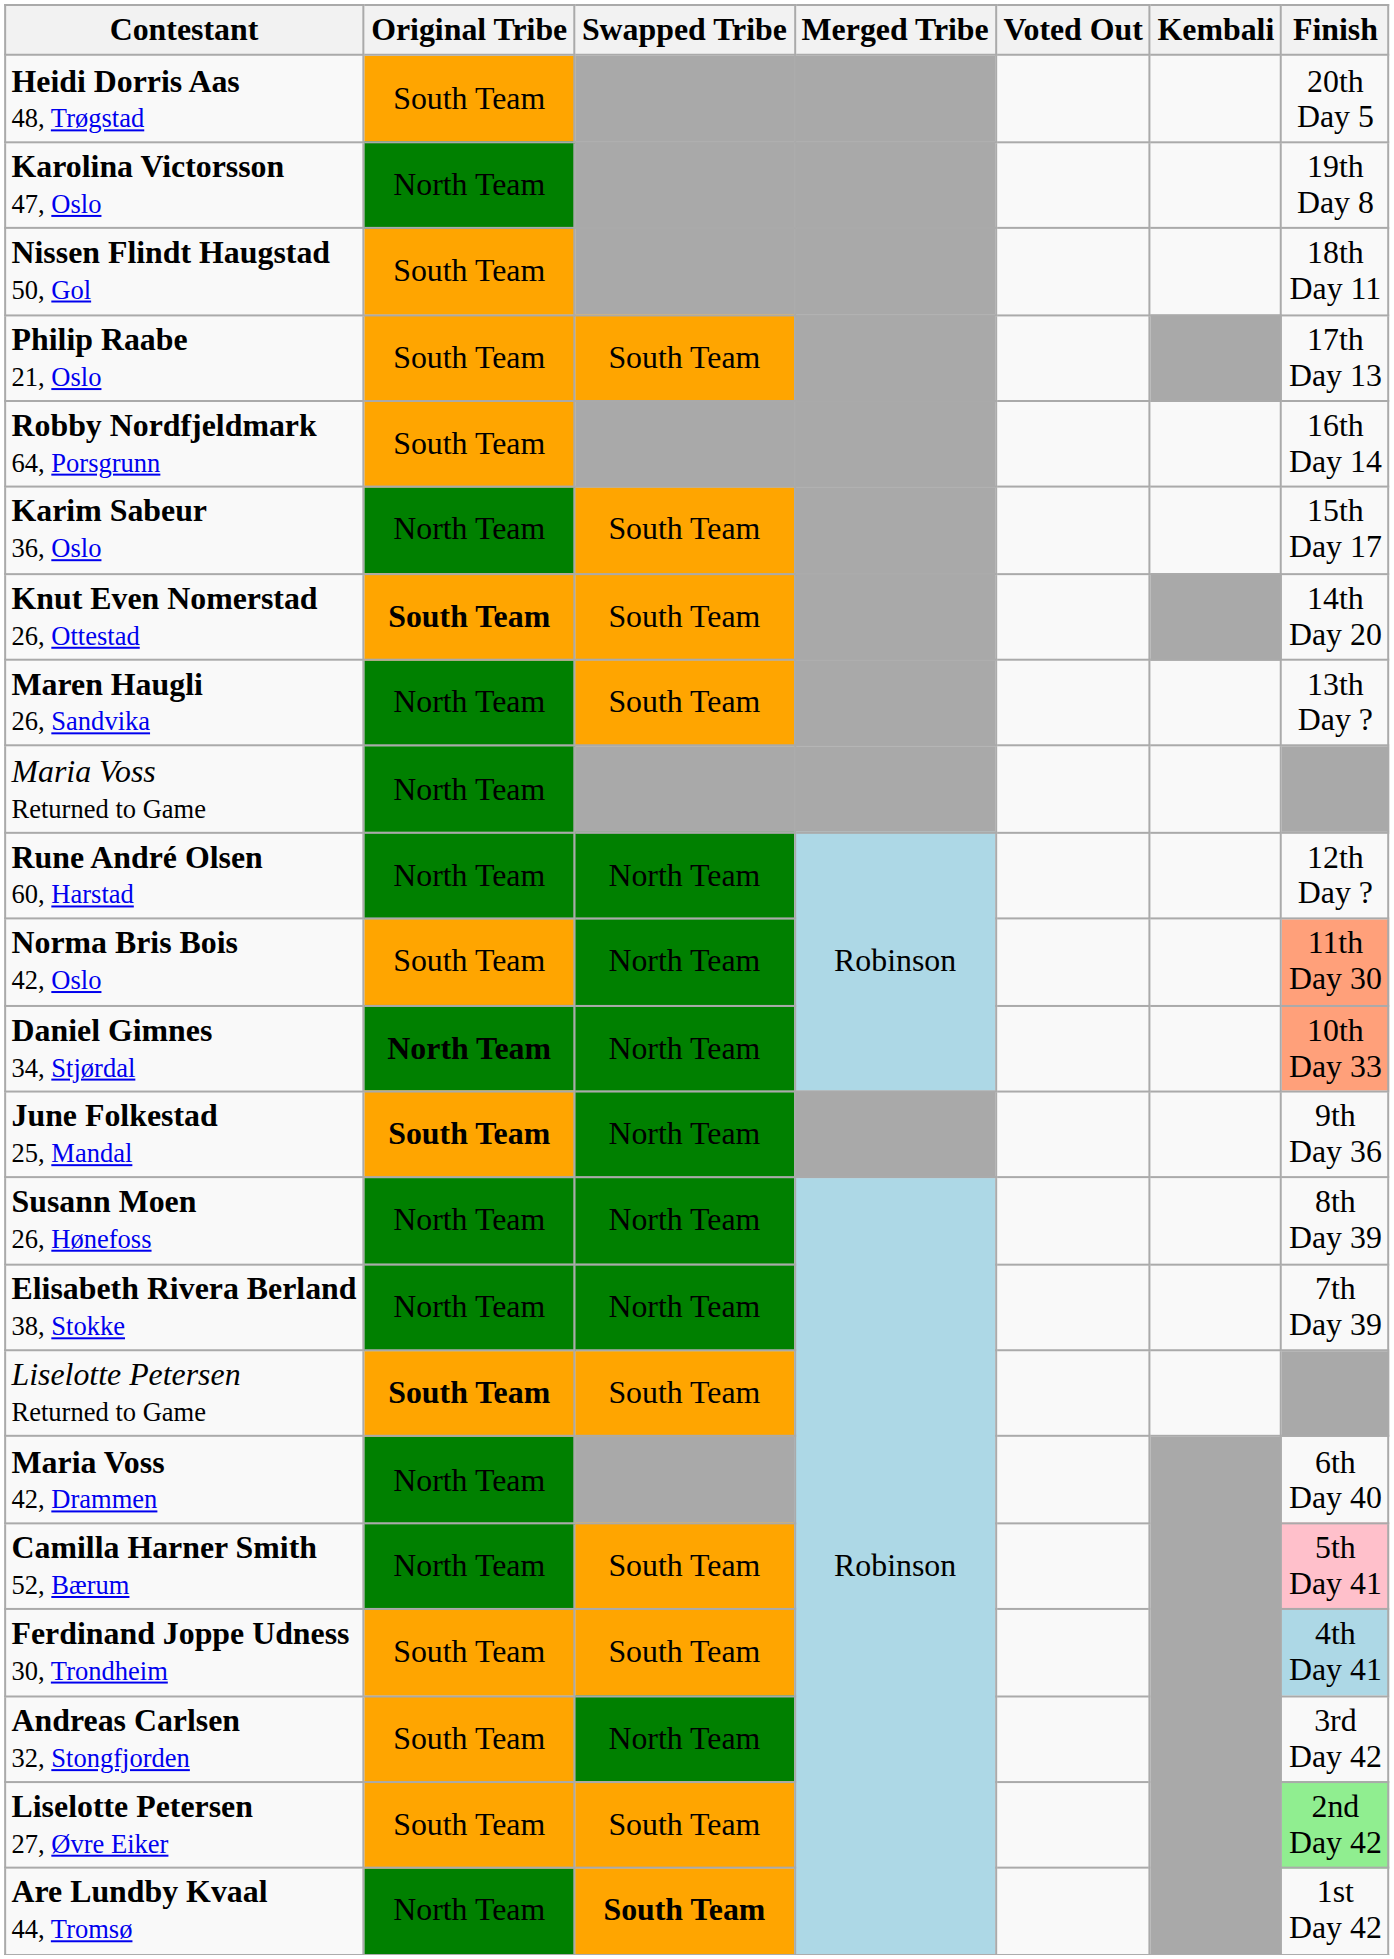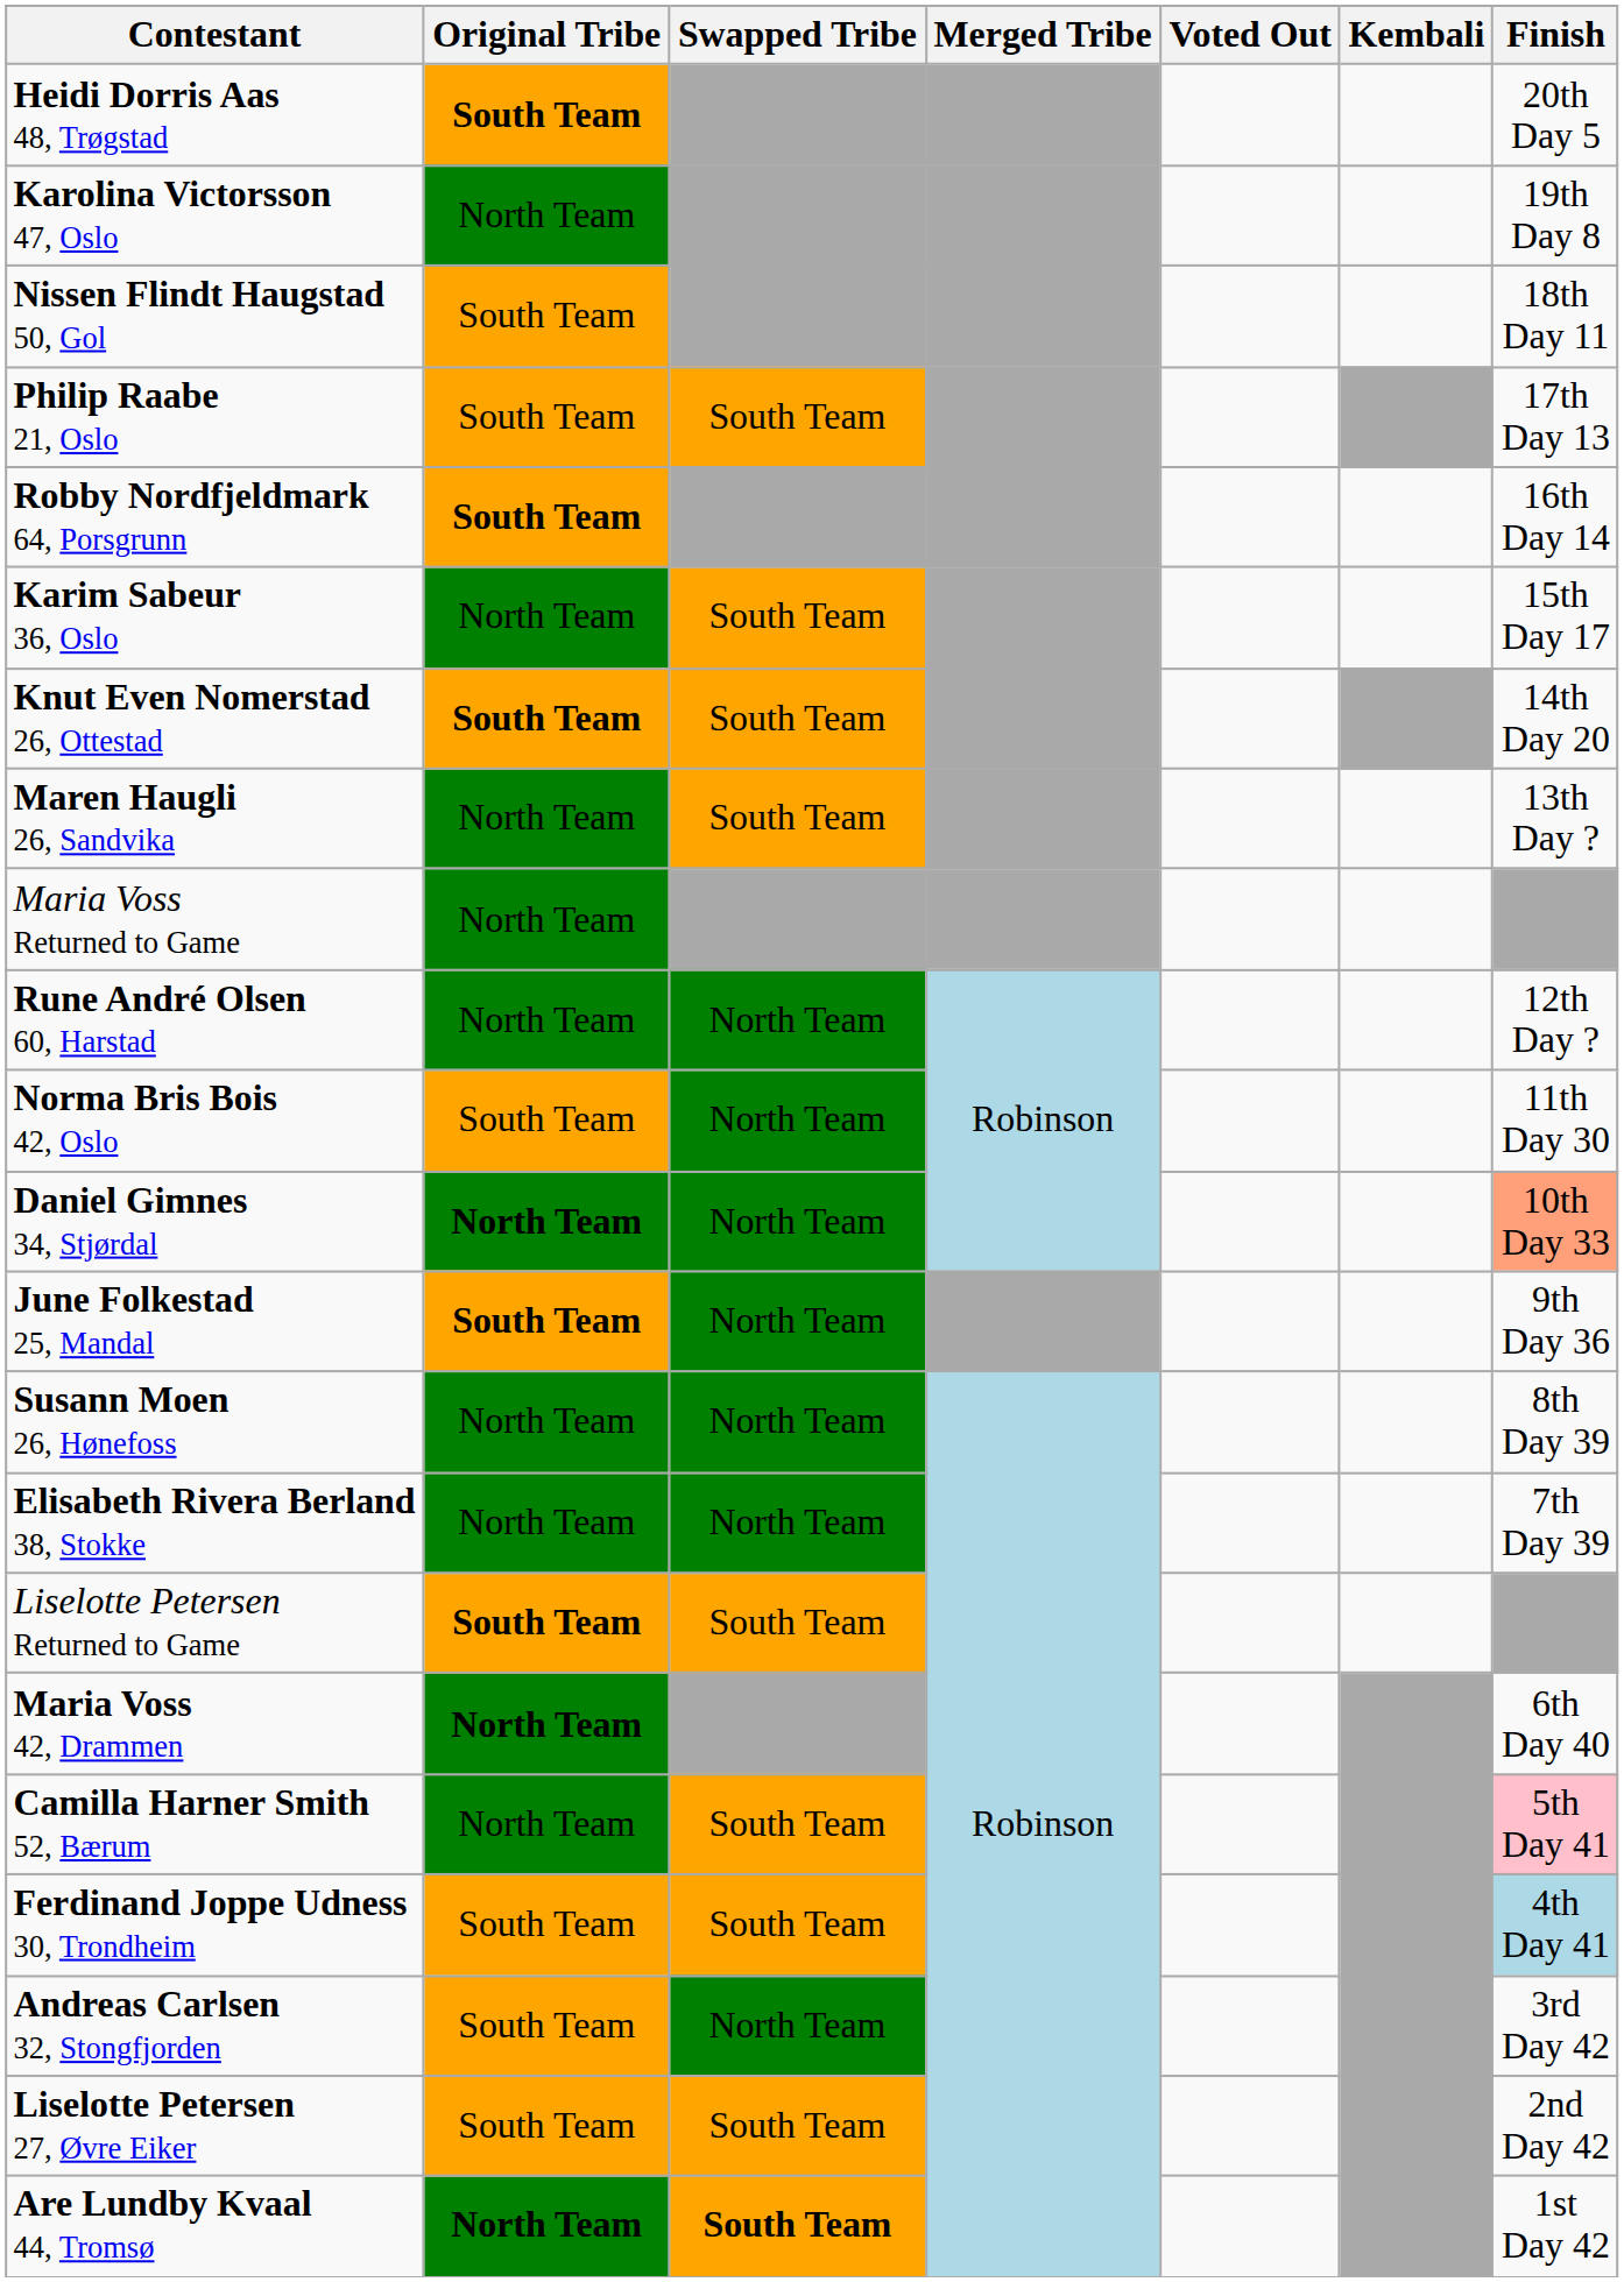 <table class="wikitable" style="margin:auto; text-align:center">
 <tr>
 <th>Contestant</th>
 <th>Original Tribe</th>
 <th>Swapped Tribe</th>
 <th>Merged Tribe</th>
 <th>Voted Out</th>
 <th>Kembali</th>
 <th>Finish</th>
 </tr>
 <tr>
 <td style="text-align: left;"><strong>Heidi Dorris Aas</strong><br><small>48, <a href='#'>Trøgstad</a></small></td>
-<td bgcolor="orange">South Team</td>
+<td bgcolor="orange"><strong>South Team</strong></td>
 <td bgcolor="darkgrey"></td>
 <td bgcolor="darkgrey"></td>
 <td></td>
 <td></td>
 <td>20th<br>Day 5</td>
 </tr>
 <tr>
 <td style="text-align: left;"><strong>Karolina Victorsson</strong><br><small>47, <a href='#'>Oslo</a></small></td>
 <td bgcolor="green">North Team</td>
 <td bgcolor="darkgrey"></td>
 <td bgcolor="darkgrey"></td>
 <td></td>
 <td></td>
 <td>19th<br>Day 8</td>
 </tr>
 <tr>
 <td style="text-align: left;"><strong>Nissen Flindt Haugstad</strong><br><small>50, <a href='#'>Gol</a></small></td>
 <td bgcolor="orange">South Team</td>
 <td bgcolor="darkgrey"></td>
 <td bgcolor="darkgrey"></td>
 <td></td>
 <td></td>
 <td>18th<br>Day 11</td>
 </tr>
 <tr>
 <td style="text-align: left;"><strong>Philip Raabe</strong><br><small>21, <a href='#'>Oslo</a></small></td>
 <td bgcolor="orange">South Team</td>
 <td bgcolor="orange">South Team</td>
 <td bgcolor="darkgrey"></td>
 <td></td>
 <td bgcolor="darkgrey"></td>
 <td>17th<br>Day 13</td>
 </tr>
 <tr>
 <td style="text-align: left;"><strong>Robby Nordfjeldmark</strong><br><small>64, <a href='#'>Porsgrunn</a></small></td>
-<td bgcolor="orange">South Team</td>
+<td bgcolor="orange"><strong>South Team</strong></td>
 <td bgcolor="darkgrey"></td>
 <td bgcolor="darkgrey"></td>
 <td></td>
 <td></td>
 <td>16th<br>Day 14</td>
 </tr>
 <tr>
 <td style="text-align: left;"><strong>Karim Sabeur</strong><br><small>36, <a href='#'>Oslo</a></small></td>
 <td bgcolor="green">North Team</td>
 <td bgcolor="orange">South Team</td>
 <td bgcolor="darkgrey"></td>
 <td></td>
 <td></td>
 <td>15th<br>Day 17</td>
 </tr>
 <tr>
 <td style="text-align: left;"><strong>Knut Even Nomerstad</strong><br><small>26, <a href='#'>Ottestad</a></small></td>
 <td bgcolor="orange"><strong>South Team</strong></td>
 <td bgcolor="orange">South Team</td>
 <td bgcolor="darkgrey"></td>
 <td></td>
 <td bgcolor="darkgrey"></td>
 <td>14th<br>Day 20</td>
 </tr>
 <tr>
 <td style="text-align: left;"><strong>Maren Haugli</strong><br><small>26, <a href='#'>Sandvika</a></small></td>
 <td bgcolor="green">North Team</td>
 <td bgcolor="orange">South Team</td>
 <td bgcolor="darkgrey"></td>
 <td></td>
 <td></td>
 <td>13th<br>Day ?</td>
 </tr>
 <tr>
 <td style="text-align: left;"><em>Maria Voss</em><br><small>Returned to Game</small></td>
 <td bgcolor="green">North Team</td>
 <td bgcolor="darkgrey"></td>
 <td bgcolor="darkgrey"></td>
 <td></td>
 <td></td>
 <td bgcolor="darkgrey"></td>
 </tr>
 <tr>
 <td style="text-align: left;"><strong>Rune André Olsen</strong><br><small>60, <a href='#'>Harstad</a></small></td>
 <td bgcolor="green">North Team</td>
 <td bgcolor="green">North Team</td>
 <td rowspan="3" bgcolor="lightblue">Robinson</td>
 <td></td>
 <td></td>
 <td>12th<br>Day ?</td>
 </tr>
 <tr>
 <td style="text-align: left;"><strong>Norma Bris Bois</strong><br><small>42, <a href='#'>Oslo</a></small></td>
 <td bgcolor="orange">South Team</td>
 <td bgcolor="green">North Team</td>
 <td></td>
 <td></td>
-<td style="background: lightsalmon;">11th<br>Day 30</td>
+<td>11th<br>Day 30</td>
 </tr>
 <tr>
 <td style="text-align: left;"><strong>Daniel Gimnes</strong><br><small>34, <a href='#'>Stjørdal</a></small></td>
 <td bgcolor="green"><strong>North Team</strong></td>
 <td bgcolor="green">North Team</td>
 <td></td>
 <td></td>
 <td style="background: lightsalmon;">10th<br>Day 33</td>
 </tr>
 <tr>
 <td style="text-align: left;"><strong>June Folkestad</strong><br><small>25, <a href='#'>Mandal</a></small></td>
 <td bgcolor="orange"><strong>South Team</strong></td>
 <td bgcolor="green">North Team</td>
 <td bgcolor="darkgrey"></td>
 <td></td>
 <td></td>
 <td>9th<br>Day 36</td>
 </tr>
 <tr>
 <td style="text-align: left;"><strong>Susann Moen</strong><br><small>26, <a href='#'>Hønefoss</a></small></td>
 <td bgcolor="green">North Team</td>
 <td bgcolor="green">North Team</td>
 <td rowspan="9" bgcolor="lightblue">Robinson</td>
 <td></td>
 <td></td>
 <td>8th<br>Day 39</td>
 </tr>
 <tr>
 <td style="text-align: left;"><strong>Elisabeth Rivera Berland</strong><br><small>38, <a href='#'>Stokke</a></small></td>
 <td bgcolor="green">North Team</td>
 <td bgcolor="green">North Team</td>
 <td></td>
 <td></td>
 <td>7th<br>Day 39</td>
 </tr>
 <tr>
 <td style="text-align: left;"><em>Liselotte Petersen</em><br><small>Returned to Game</small></td>
 <td bgcolor="orange"><strong>South Team</strong></td>
 <td bgcolor="orange">South Team</td>
 <td></td>
 <td></td>
 <td bgcolor="darkgrey"></td>
 </tr>
 <tr>
 <td style="text-align: left;"><strong>Maria Voss</strong><br><small>42, <a href='#'>Drammen</a></small></td>
-<td bgcolor="green">North Team</td>
+<td bgcolor="green"><strong>North Team</strong></td>
 <td bgcolor="darkgrey"></td>
 <td></td>
 <td rowspan="6" bgcolor="darkgrey"></td>
 <td>6th<br>Day 40</td>
 </tr>
 <tr>
 <td style="text-align: left;"><strong>Camilla Harner Smith</strong><br><small>52, <a href='#'>Bærum</a></small></td>
 <td bgcolor="green">North Team</td>
 <td bgcolor="orange">South Team</td>
 <td></td>
 <td style="background: pink;">5th<br>Day 41</td>
 </tr>
 <tr>
 <td style="text-align: left;"><strong>Ferdinand Joppe Udness</strong><br><small>30, <a href='#'>Trondheim</a></small></td>
 <td bgcolor="orange">South Team</td>
 <td bgcolor="orange">South Team</td>
 <td></td>
 <td style="background: lightblue;">4th<br>Day 41</td>
 </tr>
 <tr>
 <td style="text-align: left;"><strong>Andreas Carlsen</strong><br><small>32, <a href='#'>Stongfjorden</a></small></td>
 <td bgcolor="orange">South Team</td>
 <td bgcolor="green">North Team</td>
 <td></td>
 <td>3rd<br>Day 42</td>
 </tr>
 <tr>
 <td style="text-align: left;"><strong>Liselotte Petersen</strong><br><small>27, <a href='#'>Øvre Eiker</a></small></td>
 <td bgcolor="orange">South Team</td>
 <td bgcolor="orange">South Team</td>
 <td></td>
-<td style="background: lightgreen;">2nd<br>Day 42</td>
+<td>2nd<br>Day 42</td>
 </tr>
 <tr>
 <td style="text-align: left;"><strong>Are Lundby Kvaal</strong><br><small>44, <a href='#'>Tromsø</a></small></td>
-<td bgcolor="green">North Team</td>
+<td bgcolor="green"><strong>North Team</strong></td>
 <td bgcolor="orange"><strong>South Team</strong></td>
 <td></td>
 <td>1st<br>Day 42</td>
 </tr>
 <tr>
 </tr>
 </table>
